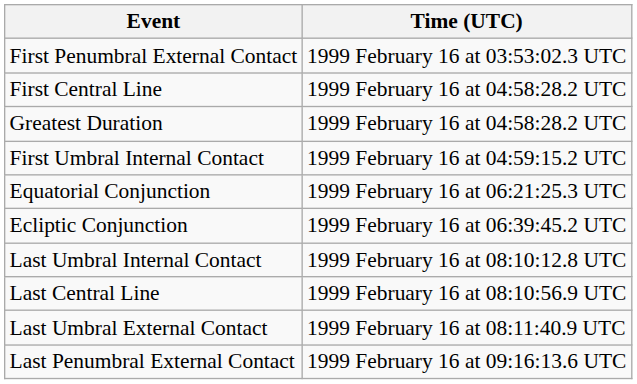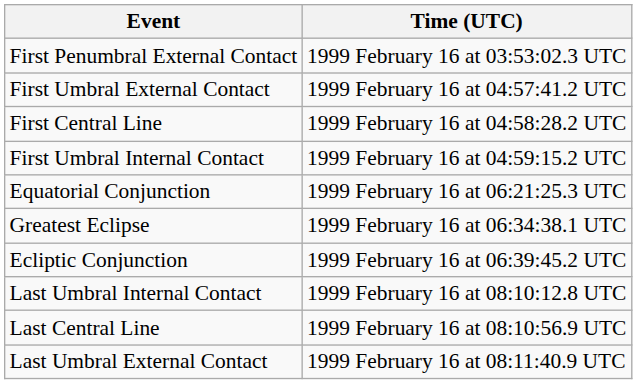 <table class="wikitable">
 <tr>
 <th>Event</th>
 <th>Time (UTC)</th>
 </tr>
 <tr>
 <td>First Penumbral External Contact</td>
 <td>1999 February 16 at 03:53:02.3 UTC</td>
 </tr>
 <tr>
-<td>First Central Line</td>
-<td>1999 February 16 at 04:58:28.2 UTC</td>
+<td>First Umbral External Contact</td>
+<td>1999 February 16 at 04:57:41.2 UTC</td>
 </tr>
 <tr>
-<td>Greatest Duration</td>
+<td>First Central Line</td>
 <td>1999 February 16 at 04:58:28.2 UTC</td>
 </tr>
 <tr>
 <td>First Umbral Internal Contact</td>
 <td>1999 February 16 at 04:59:15.2 UTC</td>
 </tr>
 <tr>
 <td>Equatorial Conjunction</td>
 <td>1999 February 16 at 06:21:25.3 UTC</td>
+</tr>
+<tr>
+<td>Greatest Eclipse</td>
+<td>1999 February 16 at 06:34:38.1 UTC</td>
 </tr>
 <tr>
 <td>Ecliptic Conjunction</td>
 <td>1999 February 16 at 06:39:45.2 UTC</td>
 </tr>
 <tr>
 <td>Last Umbral Internal Contact</td>
 <td>1999 February 16 at 08:10:12.8 UTC</td>
 </tr>
 <tr>
 <td>Last Central Line</td>
 <td>1999 February 16 at 08:10:56.9 UTC</td>
 </tr>
 <tr>
 <td>Last Umbral External Contact</td>
 <td>1999 February 16 at 08:11:40.9 UTC</td>
 </tr>
-<tr>
-<td>Last Penumbral External Contact</td>
-<td>1999 February 16 at 09:16:13.6 UTC</td>
-</tr>
 </table>
